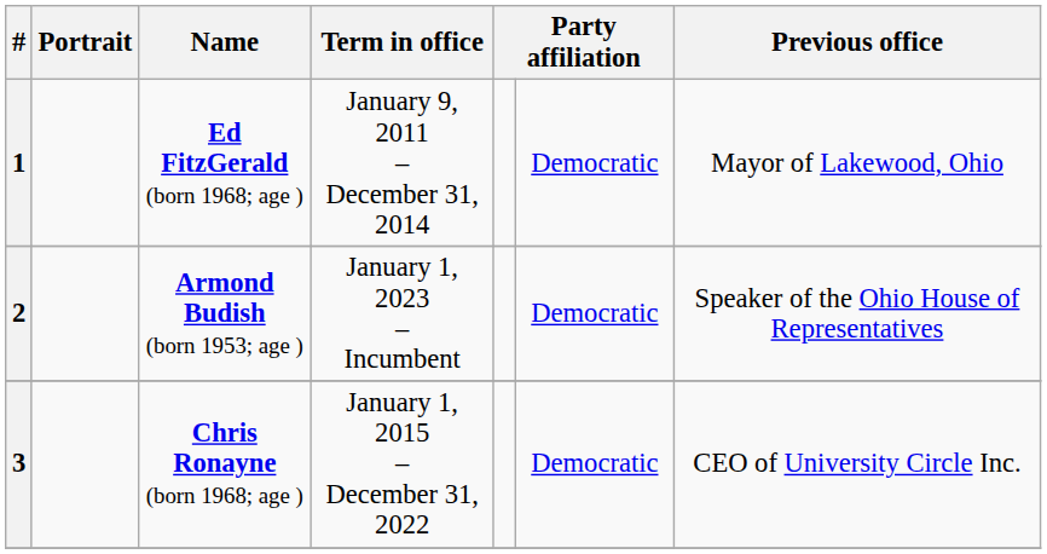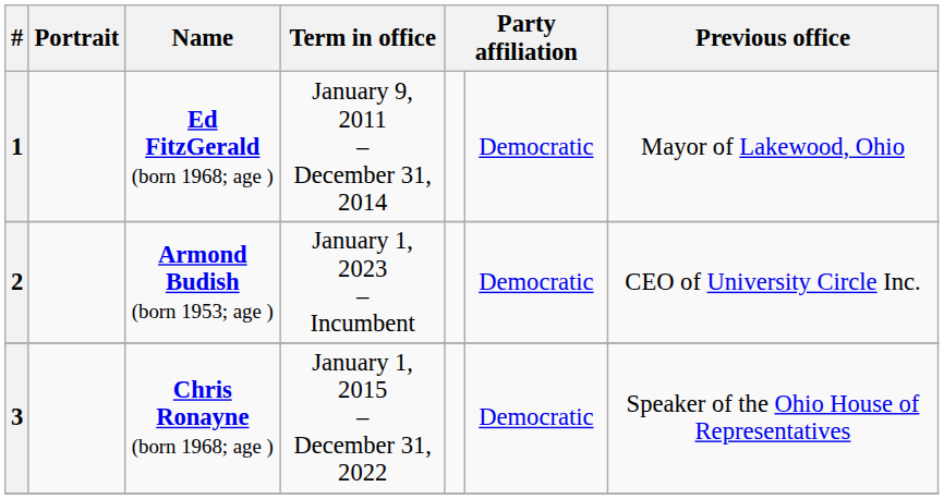 <table class="wikitable" style="text-align: center;">
 <tr>
 <th>#</th>
 <th>Portrait</th>
 <th>Name</th>
 <th>Term in office</th>
 <th colspan="2">Party affiliation</th>
 <th>Previous office</th>
 </tr>
 <tr>
 <th>1</th>
 <td></td>
 <td><strong><a href='#'>Ed FitzGerald</a></strong><br><small>(born 1968; age )</small></td>
 <td><span>January 9, 2011</span><br>–<br><span>December 31, 2014</span></td>
 <td style="background:"> </td>
 <td><a href='#'>Democratic</a></td>
 <td>Mayor of <a href='#'>Lakewood, Ohio</a></td>
 </tr>
 <tr>
 </tr>
 <tr>
 <th>2</th>
 <td></td>
 <td><strong><a href='#'>Armond Budish</a></strong><br><small>(born 1953; age )</small></td>
 <td><span>January 1, 2023</span><br>–<br><span>Incumbent</span></td>
 <td style="background:"> </td>
 <td><a href='#'>Democratic</a></td>
-<td>Speaker of the <a href='#'>Ohio House of Representatives</a></td>
+<td>CEO of <a href='#'>University Circle</a> Inc.</td>
 </tr>
 <tr>
 </tr>
 <tr>
 <th>3</th>
 <td></td>
 <td><strong><a href='#'>Chris Ronayne</a></strong><br><small>(born 1968; age )</small> </td>
 <td><span>January 1, 2015</span><br>–<br><span>December 31, 2022</span></td>
 <td style="background:"> </td>
 <td><a href='#'>Democratic</a></td>
-<td>CEO of <a href='#'>University Circle</a> Inc.</td>
+<td>Speaker of the <a href='#'>Ohio House of Representatives</a></td>
 </tr>
 <tr>
 </tr>
 </table>
